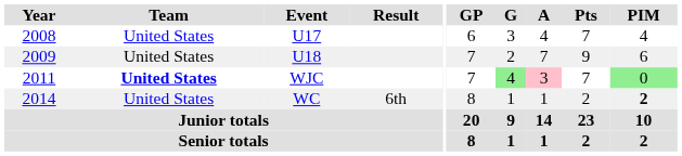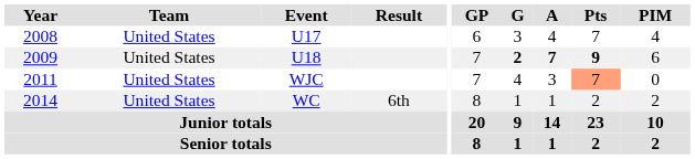 <table border="0" cellpadding="1" cellspacing="0" style="text-align:center; width:40em">
 <tr ALIGN="center" bgcolor="#e0e0e0">
 <th>Year</th>
 <th>Team</th>
 <th>Event</th>
 <th>Result</th>
 <th rowspan="99" bgcolor="#ffffff"></th>
 <th>GP</th>
 <th>G</th>
 <th>A</th>
 <th>Pts</th>
 <th>PIM</th>
 </tr>
 <tr>
 <td><a href='#'>2008</a></td>
 <td><a href='#'>United States</a></td>
 <td><a href='#'>U17</a></td>
 <td></td>
 <td>6</td>
 <td>3</td>
 <td>4</td>
 <td>7</td>
 <td>4</td>
 </tr>
 <tr style="background:#f0f0f0;">
 <td><a href='#'>2009</a></td>
 <td>United States</td>
 <td><a href='#'>U18</a></td>
 <td></td>
 <td>7</td>
-<td>2</td>
-<td>7</td>
-<td>9</td>
+<td><strong>2</strong></td>
+<td><strong>7</strong></td>
+<td><strong>9</strong></td>
 <td>6</td>
 </tr>
 <tr>
 <td><a href='#'>2011</a></td>
-<td><strong><a href='#'>United States</a></strong></td>
+<td><a href='#'>United States</a></td>
 <td><a href='#'>WJC</a></td>
 <td></td>
 <td>7</td>
-<td style="background: lightgreen;">4</td>
-<td style="background: pink;">3</td>
-<td>7</td>
-<td style="background: lightgreen;">0</td>
+<td>4</td>
+<td>3</td>
+<td style="background: lightsalmon;">7</td>
+<td>0</td>
 </tr>
 <tr style="background:#f0f0f0;">
 <td><a href='#'>2014</a></td>
 <td><a href='#'>United States</a></td>
 <td><a href='#'>WC</a></td>
 <td>6th</td>
 <td>8</td>
 <td>1</td>
 <td>1</td>
 <td>2</td>
-<td><strong>2</strong></td>
+<td>2</td>
 </tr>
 <tr style="background:#e0e0e0;">
 <th colspan=4>Junior totals</th>
 <th>20</th>
 <th>9</th>
 <th>14</th>
 <th>23</th>
 <th>10</th>
 </tr>
 <tr style="background:#e0e0e0;">
 <th colspan=4>Senior totals</th>
 <th>8</th>
 <th>1</th>
 <th>1</th>
 <th>2</th>
 <th>2</th>
 </tr>
 </table>
